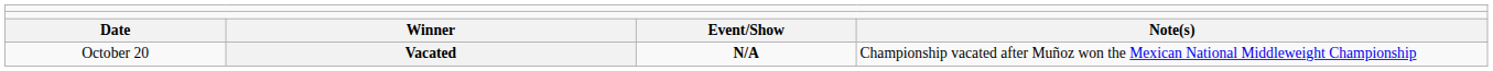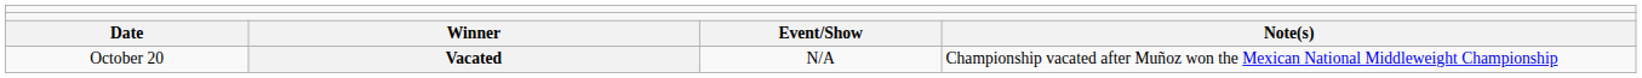 <table class="wikitable" style="text-align:center; width:100%;">
 <tr>
 <td colspan=5></td>
 </tr>
 <tr>
 <td colspan=5><strong></strong></td>
 </tr>
 <tr>
 <th width=14%>Date</th>
 <th width=26%>Winner</th>
 <th width=14%>Event/Show</th>
 <th width=40%>Note(s)</th>
 </tr>
 <tr>
 <td>October 20</td>
 <th>Vacated</th>
-<td><strong>N/A</strong></td>
+<td>N/A</td>
 <td align=left>Championship vacated after Muñoz won the <a href='#'>Mexican National Middleweight Championship</a></td>
 </tr>
 </table>
